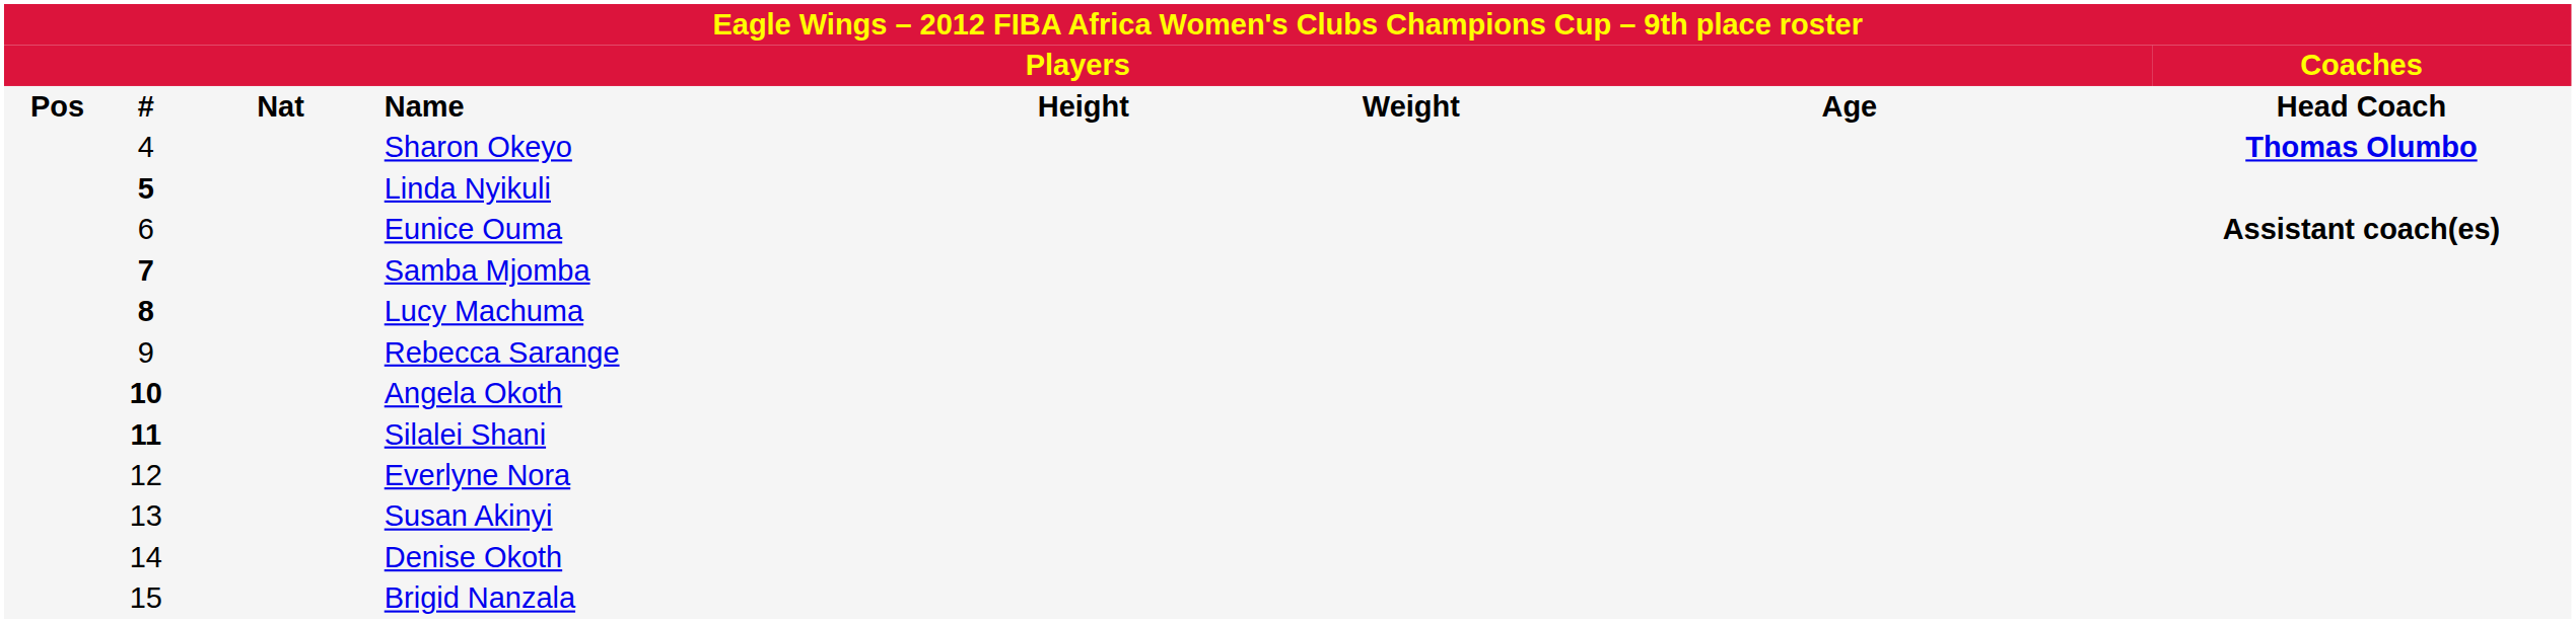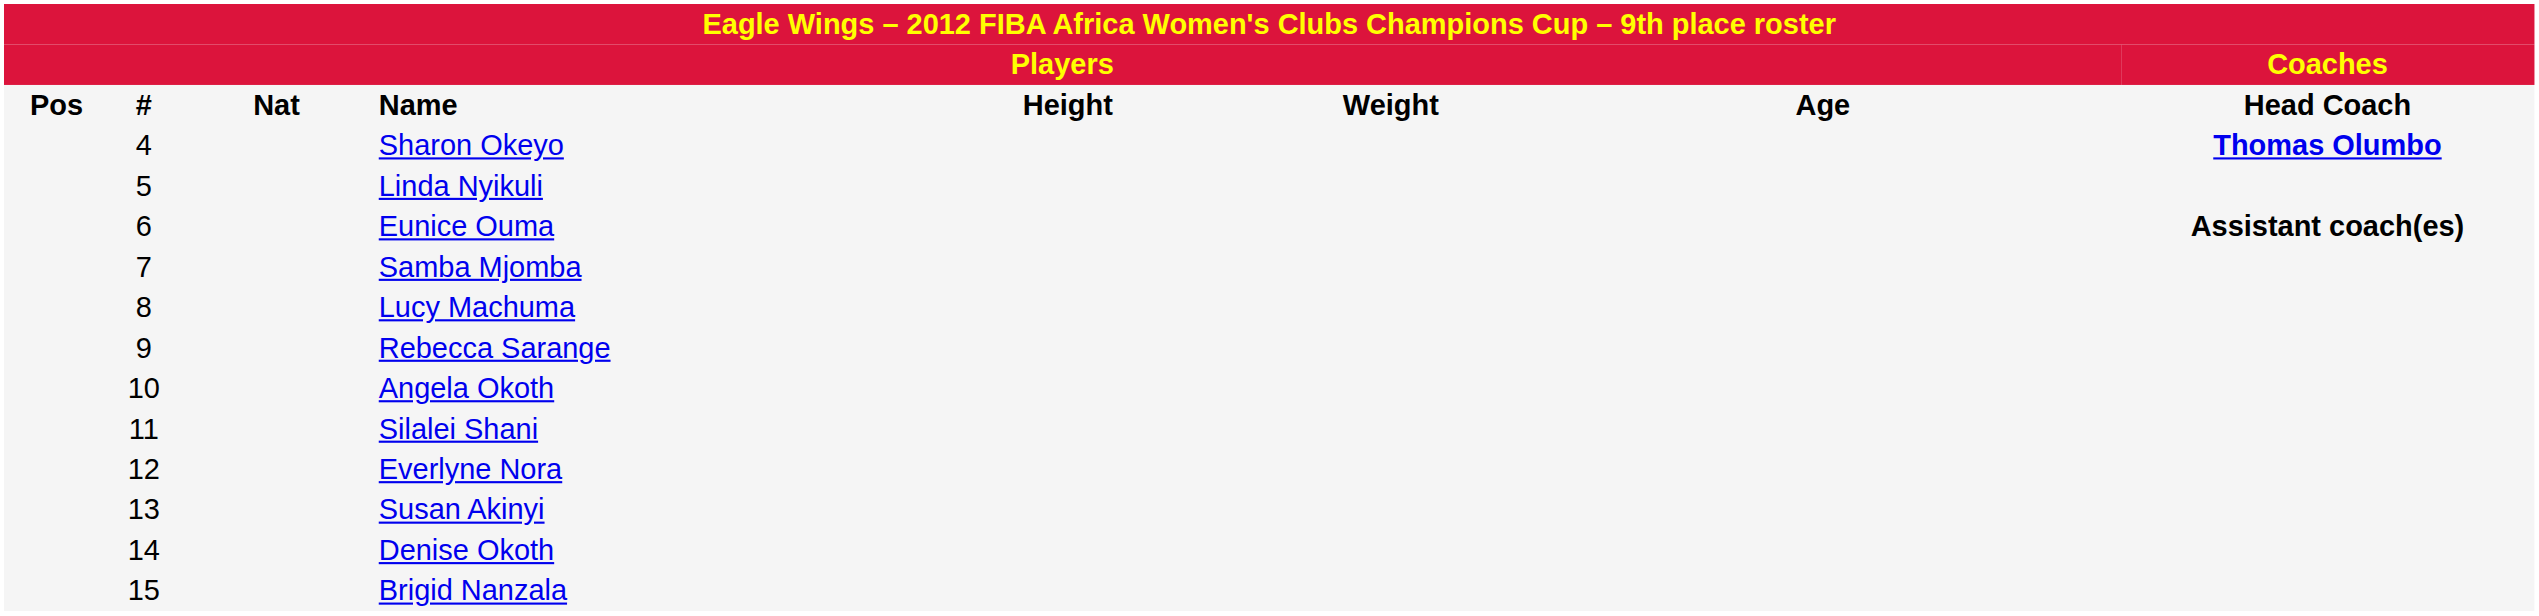 <table border=0 cellpadding=2 cellspacing=0  |- bgcolor=#f5f5f5 style="text-align:center; font-size:85%;" width=75%>
 <tr>
 <td colspan="8" style="background: #dc143c; color: yellow"><strong>Eagle Wings – 2012 FIBA Africa Women's Clubs Champions Cup – 9th place roster</strong></td>
 </tr>
 <tr>
 <td colspan="7" style="background: #dc143c; color: yellow"><strong>Players</strong></td>
 <td style="background: #dc143c; color: yellow"><strong>Coaches</strong></td>
 </tr>
 <tr style="background=#f5f5f5; color: black">
 <th width=5px>Pos</th>
 <th width=5px>#</th>
 <th width=50px>Nat</th>
 <th width=135px align=left>Name</th>
 <th width=100px>Height</th>
 <th width=70px>Weight</th>
 <th width=160px>Age</th>
 <th width=110px>Head Coach</th>
 </tr>
 <tr>
 <td></td>
 <td>4</td>
 <td></td>
 <td align=left><a href='#'>Sharon Okeyo</a></td>
 <td></td>
 <td></td>
 <td><span></span></td>
 <td><strong> <a href='#'>Thomas Olumbo</a></strong></td>
 </tr>
 <tr>
 <td></td>
-<td><strong>5</strong></td>
+<td>5</td>
 <td></td>
 <td align=left><a href='#'>Linda Nyikuli</a></td>
 <td><span></span></td>
 <td><span></span></td>
 <td></td>
 </tr>
 <tr>
 <td></td>
 <td>6</td>
 <td></td>
 <td align=left><a href='#'>Eunice Ouma</a></td>
 <td><span></span></td>
 <td><span></span></td>
 <td><span></span></td>
 <td><strong>Assistant coach(es)</strong></td>
 </tr>
 <tr>
 <td></td>
-<td><strong>7</strong></td>
+<td>7</td>
 <td></td>
 <td align=left><a href='#'>Samba Mjomba</a></td>
 <td><span></span></td>
 <td><span></span></td>
 <td><span></span></td>
 <td> <a href='#'></a></td>
 </tr>
 <tr>
 <td></td>
-<td><strong>8</strong></td>
+<td>8</td>
 <td></td>
 <td align=left><a href='#'>Lucy Machuma</a></td>
 <td><span></span></td>
 <td><span></span></td>
 <td><span></span></td>
 </tr>
 <tr>
 <td></td>
 <td>9</td>
 <td></td>
 <td align=left><a href='#'>Rebecca Sarange</a></td>
 <td><span></span></td>
 <td><span></span></td>
 <td><span></span></td>
 </tr>
 <tr>
 <td></td>
-<td><strong>10</strong></td>
+<td>10</td>
 <td></td>
 <td align=left><a href='#'>Angela Okoth</a></td>
 <td><span></span></td>
 <td><span></span></td>
 <td><span></span></td>
 </tr>
 <tr>
 <td></td>
-<td><strong>11</strong></td>
+<td>11</td>
 <td></td>
 <td align=left><a href='#'>Silalei Shani</a></td>
 <td><span></span></td>
 <td><span></span></td>
 <td><span></span></td>
 </tr>
 <tr>
 <td></td>
 <td>12</td>
 <td></td>
 <td align=left><a href='#'>Everlyne Nora</a></td>
 <td><span></span></td>
 <td><span></span></td>
 <td><span></span></td>
 </tr>
 <tr>
 <td></td>
 <td>13</td>
 <td></td>
 <td align=left><a href='#'>Susan Akinyi</a></td>
 <td></td>
 <td></td>
 <td><span></span></td>
 </tr>
 <tr>
 <td></td>
 <td>14</td>
 <td></td>
 <td align=left><a href='#'>Denise Okoth</a></td>
 <td><span></span></td>
 <td><span></span></td>
 <td><span></span></td>
 </tr>
 <tr>
 <td></td>
 <td>15</td>
 <td></td>
 <td align=left><a href='#'>Brigid Nanzala</a></td>
 <td><span></span></td>
 <td><span></span></td>
 <td><span></span></td>
 </tr>
 </table>
